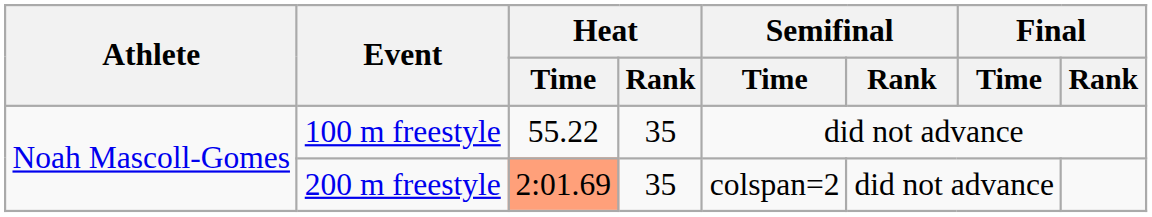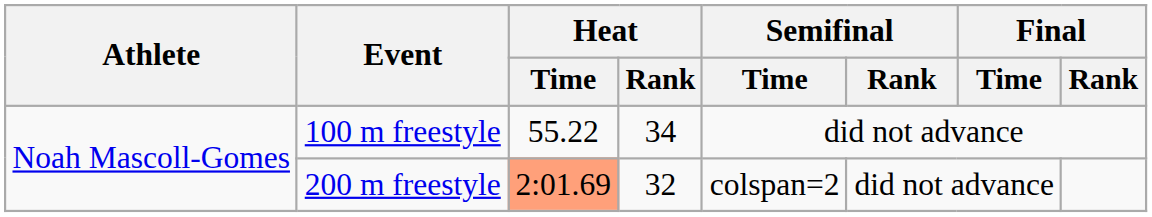 <table class=wikitable style="font-size:90%">
 <tr>
 <th rowspan=2>Athlete</th>
 <th rowspan=2>Event</th>
 <th colspan="2">Heat</th>
 <th colspan="2">Semifinal</th>
 <th colspan="2">Final</th>
 </tr>
 <tr style="font-size:95%">
 <th>Time</th>
 <th>Rank</th>
 <th>Time</th>
 <th>Rank</th>
 <th>Time</th>
 <th>Rank</th>
 </tr>
 <tr align=center>
 <td align=left rowspan=2><a href='#'>Noah Mascoll-Gomes</a></td>
 <td align=left><a href='#'>100 m freestyle</a></td>
 <td>55.22</td>
-<td>35</td>
+<td>34</td>
 <td colspan=4>did not advance</td>
 </tr>
 <tr align=center>
 <td align=left><a href='#'>200 m freestyle</a></td>
 <td style="background: lightsalmon;">2:01.69</td>
-<td>35</td>
+<td>32</td>
 <td>colspan=2 </td>
 <td colspan=2>did not advance</td>
 </tr>
 </table>
